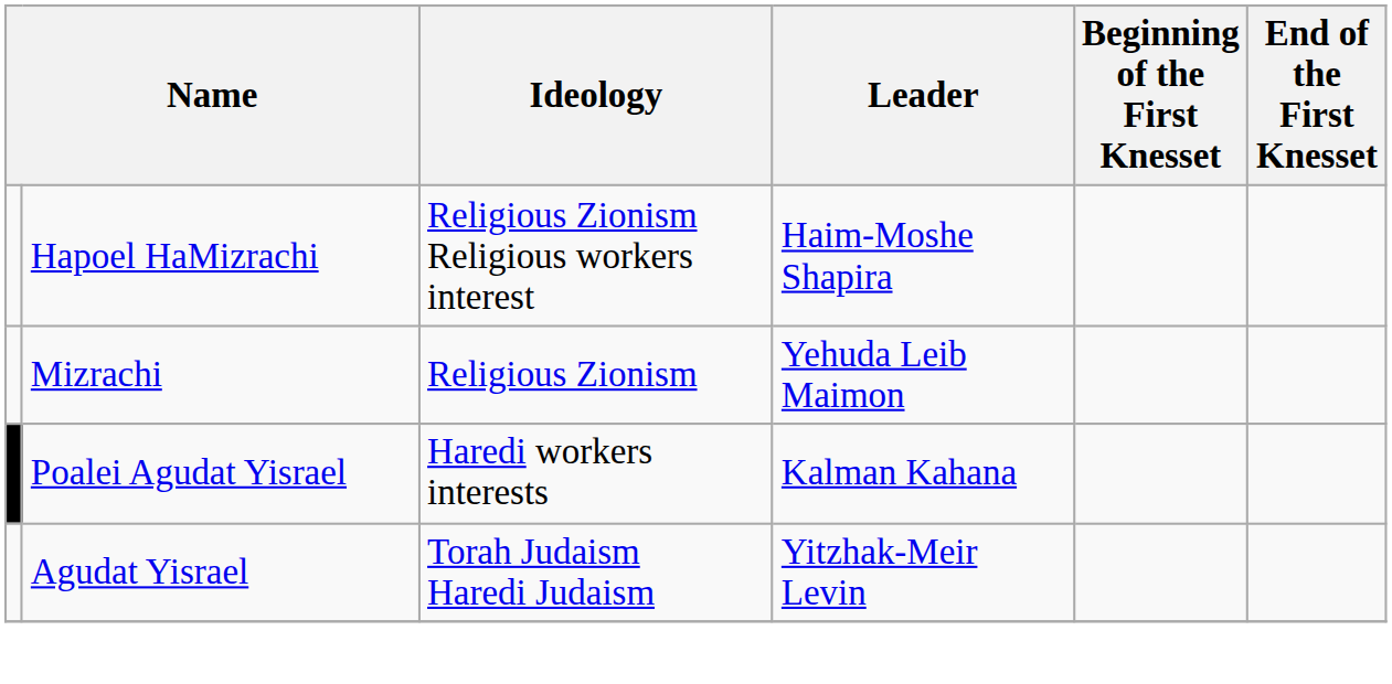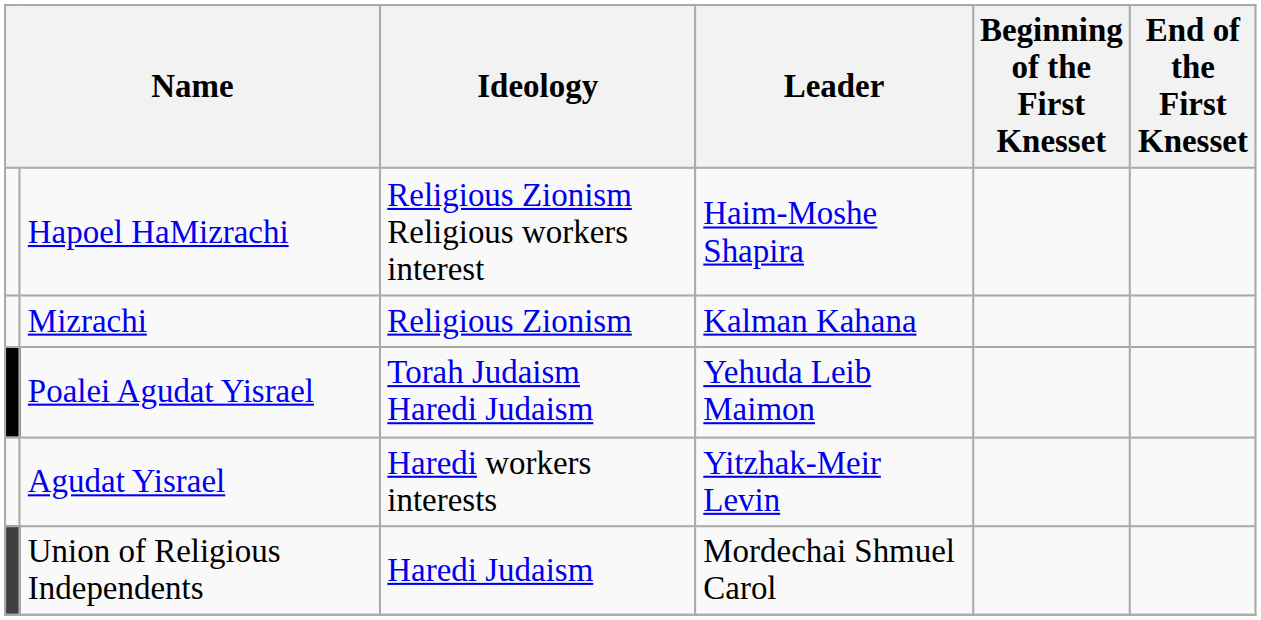 <table class="wikitable">
 <tr>
 <th colspan=2>Name</th>
 <th>Ideology</th>
 <th>Leader</th>
 <th>Beginning of the First Knesset</th>
 <th>End of the First Knesset</th>
 </tr>
 <tr>
 <td style="background: "></td>
 <td style="width:200px"><a href='#'>Hapoel HaMizrachi</a></td>
 <td style="width:180px"><a href='#'>Religious Zionism</a><br>Religious workers interest</td>
 <td style="width:150px"><a href='#'>Haim-Moshe Shapira</a></td>
 <td></td>
 <td></td>
 </tr>
 <tr>
 <td style="background: "></td>
 <td style="width:200px"><a href='#'>Mizrachi</a></td>
 <td style="width:180px"><a href='#'>Religious Zionism</a></td>
-<td style="width:150px"><a href='#'>Yehuda Leib Maimon</a></td>
+<td style="width:150px"><a href='#'>Kalman Kahana</a></td>
 <td></td>
 <td></td>
 </tr>
 <tr>
 <td style="background: #000000"></td>
 <td style="width:200px"><a href='#'>Poalei Agudat Yisrael</a></td>
-<td style="width:180px"><a href='#'>Haredi</a> workers interests</td>
-<td style="width:150px"><a href='#'>Kalman Kahana</a></td>
+<td style="width:180px"><a href='#'>Torah Judaism</a><br><a href='#'>Haredi Judaism</a></td>
+<td style="width:150px"><a href='#'>Yehuda Leib Maimon</a></td>
 <td></td>
 <td></td>
 </tr>
 <tr>
 <td style="background: "></td>
 <td style="width:200px"><a href='#'>Agudat Yisrael</a></td>
-<td style="width:180px"><a href='#'>Torah Judaism</a><br><a href='#'>Haredi Judaism</a></td>
+<td style="width:180px"><a href='#'>Haredi</a> workers interests</td>
 <td style="width:150px"><a href='#'>Yitzhak-Meir Levin</a></td>
+<td></td>
+<td></td>
+</tr>
+<tr>
+<td style="background: #404040"></td>
+<td style="width:200px">Union of Religious Independents</td>
+<td style="width:180px"><a href='#'>Haredi Judaism</a></td>
+<td style="width:150px">Mordechai Shmuel Carol</td>
 <td></td>
 <td></td>
 </tr>
 <tr>
 </tr>
 </table>
